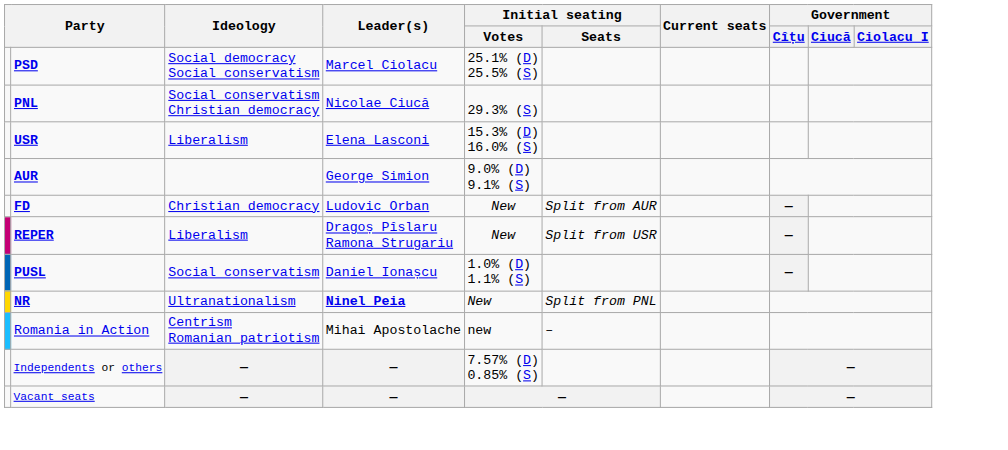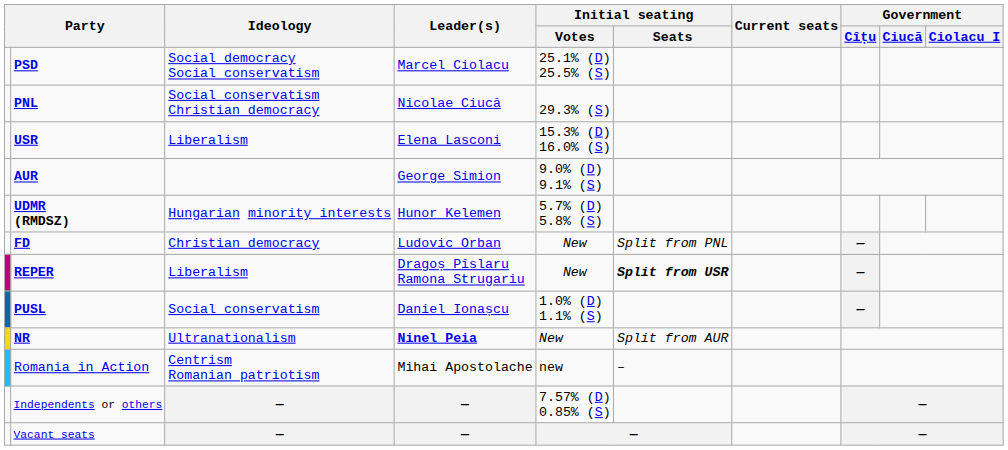 <table class="wikitable">
 <tr>
 <th colspan="2" rowspan="2">Party</th>
 <th rowspan="2">Ideology</th>
 <th rowspan="2">Leader(s)</th>
 <th colspan="2">Initial seating<small></small></th>
 <th rowspan="2">Current seats</th>
 <th colspan="3">Government</th>
 </tr>
 <tr>
 <th>Votes</th>
 <th>Seats</th>
 <th><a href='#'>Cîțu</a><br></th>
 <th><a href='#'>Ciucă</a><br></th>
 <th><a href='#'>Ciolacu I</a><br></th>
 </tr>
 <tr>
 <td style="background-color:"></td>
 <td><a href='#'><strong>PSD</strong></a></td>
 <td><a href='#'>Social democracy</a><br><a href='#'>Social conservatism</a></td>
 <td><a href='#'>Marcel Ciolacu</a></td>
 <td>25.1% (<a href='#'>D</a>)<br>25.5% (<a href='#'>S</a>)</td>
 <td></td>
 <td></td>
 <td style="text-align: center;"></td>
 <td colspan="2" style="text-align: center;"></td>
 </tr>
 <tr>
 <td style="background:"></td>
 <td><a href='#'><strong>PNL</strong></a></td>
 <td><a href='#'>Social conservatism</a><br><a href='#'>Christian democracy</a></td>
 <td><a href='#'>Nicolae Ciucă</a></td>
 <td><br>29.3% (<a href='#'>S</a>)</td>
 <td></td>
 <td></td>
 <td style="text-align: center;"></td>
 <td colspan="2" style="text-align: center;"></td>
 </tr>
 <tr>
 <td style="background:"></td>
 <td><a href='#'><strong>USR</strong></a></td>
 <td><a href='#'>Liberalism</a></td>
 <td><a href='#'>Elena Lasconi</a></td>
 <td>15.3% (<a href='#'>D</a>)<br>16.0% (<a href='#'>S</a>)</td>
 <td></td>
 <td></td>
 <td style="text-align: center;"></td>
 <td colspan="2" style="text-align: center;"></td>
 </tr>
 <tr>
 <td style="background:"></td>
 <td><a href='#'><strong>AUR</strong></a></td>
 <td></td>
 <td><a href='#'>George Simion</a></td>
 <td>9.0% (<a href='#'>D</a>)<br>9.1% (<a href='#'>S</a>)</td>
 <td></td>
 <td></td>
 <td colspan="3" style="text-align: center;"></td>
 </tr>
 <tr>
 <td style="background:"></td>
+<td><strong><a href='#'>UDMR</a><br>(RMDSZ)</strong></td>
+<td><a href='#'>Hungarian</a> <a href='#'>minority interests</a></td>
+<td><a href='#'>Hunor Kelemen</a></td>
+<td>5.7% (<a href='#'>D</a>)<br>5.8% (<a href='#'>S</a>)</td>
+<td></td>
+<td></td>
+<td style="text-align: center;"></td>
+<td style="text-align: center;"></td>
+<td style="text-align: center;"></td>
+</tr>
+<tr>
+<td style="background:"></td>
 <td><a href='#'><strong>FD</strong></a></td>
 <td><a href='#'>Christian democracy</a></td>
 <td><a href='#'>Ludovic Orban</a></td>
 <td style="text-align: center;"><em>New</em></td>
-<td><em>Split from AUR</em></td>
+<td style="text-align: center;"><em>Split from PNL</em></td>
 <td></td>
 <th>—</th>
 <td colspan="2" style="text-align: center;"></td>
 </tr>
 <tr>
 <td style="background:#c40075"></td>
 <td><a href='#'><strong>REPER</strong></a></td>
 <td><a href='#'>Liberalism</a></td>
 <td><a href='#'>Dragoș Pîslaru</a><br><a href='#'>Ramona Strugariu</a></td>
 <td style="text-align: center;"><em>New</em></td>
-<td style="text-align: center;"><em>Split from USR</em></td>
+<td style="text-align: center;"><strong><em>Split from USR</em></strong></td>
 <td></td>
 <th>—</th>
 <td colspan="2" style="text-align: center;"></td>
 </tr>
 <tr>
 <td style="background:#0066B6"></td>
 <td><a href='#'><strong>PUSL</strong></a></td>
 <td><a href='#'>Social conservatism</a></td>
 <td><a href='#'>Daniel Ionașcu</a></td>
 <td>1.0% (<a href='#'>D</a>)<br>1.1% (<a href='#'>S</a>)</td>
 <td></td>
 <td></td>
 <th>—</th>
 <td colspan="2" style="text-align: center;"></td>
 </tr>
 <tr>
 <td style="background:gold"></td>
 <td><a href='#'><strong>NR</strong></a></td>
 <td><a href='#'>Ultranationalism</a></td>
 <td><strong><a href='#'>Ninel Peia</a></strong></td>
 <td><em>New</em></td>
-<td style="text-align: center;"><em>Split from PNL</em></td>
+<td><em>Split from AUR</em></td>
 <td></td>
 <td colspan="3" style="text-align: center;"></td>
 </tr>
 <tr>
 <td style="background:#1bbeff"></td>
 <td><a href='#'>Romania in Action</a></td>
 <td><a href='#'>Centrism</a><br><a href='#'>Romanian patriotism</a></td>
 <td>Mihai Apostolache</td>
 <td>new</td>
 <td>–</td>
 <td></td>
 <td colspan="3" style="text-align: center;"></td>
 </tr>
 <tr>
 <td style="background:"></td>
 <td style="font-size:85%"><a href='#'>Independents</a> or <a href='#'>others</a></td>
 <th style="text-align: center;">—</th>
 <th style="text-align: center;">—</th>
 <td>7.57% (<a href='#'>D</a>)<br>0.85% (<a href='#'>S</a>)</td>
 <td></td>
 <td></td>
 <th colspan="3">—</th>
 </tr>
 <tr>
 <td style="background:"></td>
 <td style="font-size:85%"><a href='#'>Vacant seats</a></td>
 <th style="text-align: center;">—</th>
 <th style="text-align: center;">—</th>
 <th colspan="2" style="text-align: center;">—</th>
 <td></td>
 <th colspan="3">—</th>
 </tr>
 </table>
